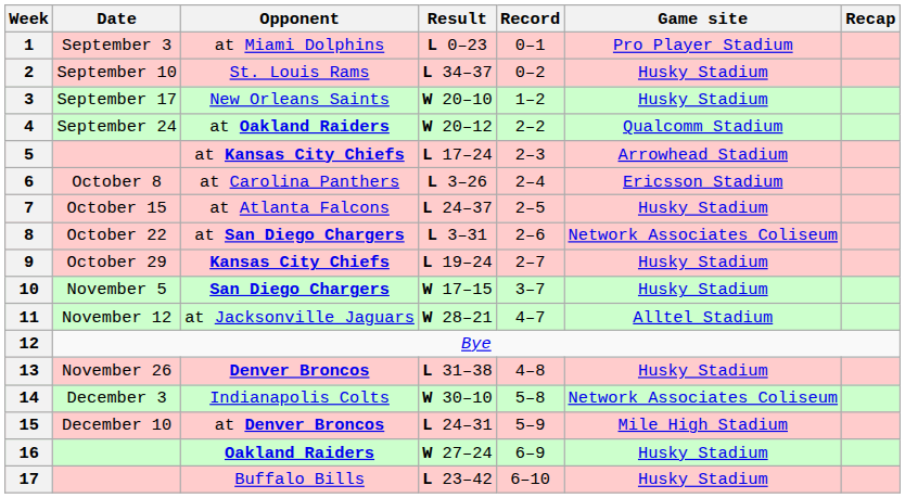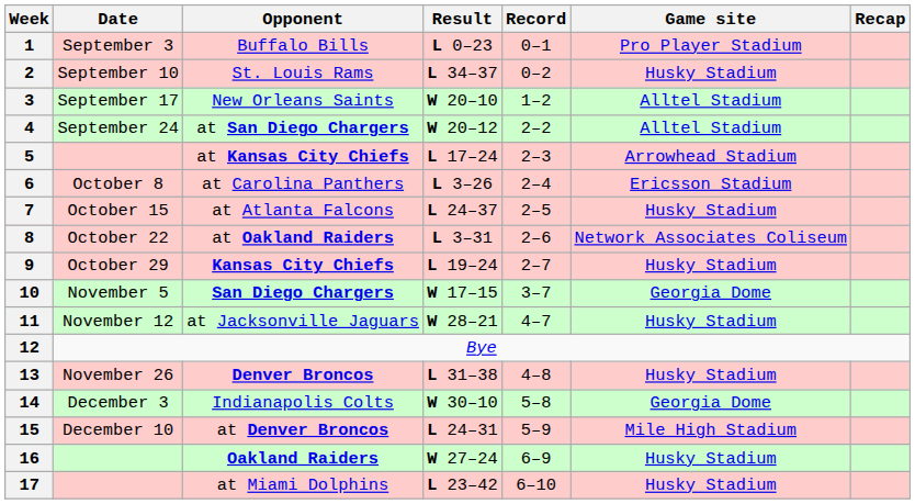 <table class="wikitable" style="text-align:center">
 <tr>
 <th>Week</th>
 <th>Date</th>
 <th>Opponent</th>
 <th>Result</th>
 <th>Record</th>
 <th>Game site</th>
 <th>Recap</th>
 </tr>
 <tr style="background:#fcc">
 <th>1</th>
 <td>September 3</td>
-<td>at <a href='#'>Miami Dolphins</a></td>
+<td><a href='#'>Buffalo Bills</a></td>
 <td><strong>L</strong> 0–23</td>
 <td>0–1</td>
 <td><a href='#'>Pro Player Stadium</a></td>
 <td></td>
 </tr>
 <tr style="background:#fcc">
 <th>2</th>
 <td>September 10</td>
 <td><a href='#'>St. Louis Rams</a></td>
 <td><strong>L</strong> 34–37</td>
 <td>0–2</td>
 <td><a href='#'>Husky Stadium</a></td>
 <td></td>
 </tr>
 <tr style="background:#cfc">
 <th>3</th>
 <td>September 17</td>
 <td><a href='#'>New Orleans Saints</a></td>
 <td><strong>W</strong> 20–10</td>
 <td>1–2</td>
-<td><a href='#'>Husky Stadium</a></td>
+<td><a href='#'>Alltel Stadium</a></td>
 <td></td>
 </tr>
 <tr style="background:#cfc">
 <th>4</th>
 <td>September 24</td>
-<td>at <strong><a href='#'>Oakland Raiders</a></strong></td>
+<td>at <strong><a href='#'>San Diego Chargers</a></strong></td>
 <td><strong>W</strong> 20–12</td>
 <td>2–2</td>
-<td><a href='#'>Qualcomm Stadium</a></td>
+<td><a href='#'>Alltel Stadium</a></td>
 <td></td>
 </tr>
 <tr style="background:#fcc">
 <th>5</th>
 <td></td>
 <td>at <strong><a href='#'>Kansas City Chiefs</a></strong></td>
 <td><strong>L</strong> 17–24</td>
 <td>2–3</td>
 <td><a href='#'>Arrowhead Stadium</a></td>
 <td></td>
 </tr>
 <tr style="background:#fcc">
 <th>6</th>
 <td>October 8</td>
 <td>at <a href='#'>Carolina Panthers</a></td>
 <td><strong>L</strong> 3–26</td>
 <td>2–4</td>
 <td><a href='#'>Ericsson Stadium</a></td>
 <td></td>
 </tr>
 <tr style="background:#fcc">
 <th>7</th>
 <td>October 15</td>
 <td>at <a href='#'>Atlanta Falcons</a></td>
 <td><strong>L</strong> 24–37</td>
 <td>2–5</td>
 <td><a href='#'>Husky Stadium</a></td>
 <td></td>
 </tr>
 <tr style="background:#fcc">
 <th>8</th>
 <td>October 22</td>
-<td>at <strong><a href='#'>San Diego Chargers</a></strong></td>
+<td>at <strong><a href='#'>Oakland Raiders</a></strong></td>
 <td><strong>L</strong> 3–31</td>
 <td>2–6</td>
 <td><a href='#'>Network Associates Coliseum</a></td>
 <td></td>
 </tr>
 <tr style="background:#fcc">
 <th>9</th>
 <td>October 29</td>
 <td><strong><a href='#'>Kansas City Chiefs</a></strong></td>
 <td><strong>L</strong> 19–24</td>
 <td>2–7</td>
 <td><a href='#'>Husky Stadium</a></td>
 <td></td>
 </tr>
 <tr style="background:#cfc">
 <th>10</th>
 <td>November 5</td>
 <td><strong><a href='#'>San Diego Chargers</a></strong></td>
 <td><strong>W</strong> 17–15</td>
 <td>3–7</td>
-<td><a href='#'>Husky Stadium</a></td>
+<td><a href='#'>Georgia Dome</a></td>
 <td></td>
 </tr>
 <tr style="background:#cfc">
 <th>11</th>
 <td>November 12</td>
 <td>at <a href='#'>Jacksonville Jaguars</a></td>
 <td><strong>W</strong> 28–21</td>
 <td>4–7</td>
-<td><a href='#'>Alltel Stadium</a></td>
+<td><a href='#'>Husky Stadium</a></td>
 <td></td>
 </tr>
 <tr>
 <th>12</th>
 <td colspan="6"><em><a href='#'>Bye</a></em></td>
 </tr>
 <tr style="background:#fcc">
 <th>13</th>
 <td>November 26</td>
 <td><strong><a href='#'>Denver Broncos</a></strong></td>
 <td><strong>L</strong> 31–38</td>
 <td>4–8</td>
 <td><a href='#'>Husky Stadium</a></td>
 <td></td>
 </tr>
 <tr style="background:#cfc">
 <th>14</th>
 <td>December 3</td>
 <td><a href='#'>Indianapolis Colts</a></td>
 <td><strong>W</strong> 30–10</td>
 <td>5–8</td>
-<td><a href='#'>Network Associates Coliseum</a></td>
+<td><a href='#'>Georgia Dome</a></td>
 <td></td>
 </tr>
 <tr style="background:#fcc">
 <th>15</th>
 <td>December 10</td>
 <td>at <strong><a href='#'>Denver Broncos</a></strong></td>
 <td><strong>L</strong> 24–31</td>
 <td>5–9</td>
 <td><a href='#'>Mile High Stadium</a></td>
 <td></td>
 </tr>
 <tr style="background:#cfc">
 <th>16</th>
 <td></td>
 <td><strong><a href='#'>Oakland Raiders</a></strong></td>
 <td><strong>W</strong> 27–24</td>
 <td>6–9</td>
 <td><a href='#'>Husky Stadium</a></td>
 <td></td>
 </tr>
 <tr style="background:#fcc">
 <th>17</th>
 <td></td>
-<td><a href='#'>Buffalo Bills</a></td>
+<td>at <a href='#'>Miami Dolphins</a></td>
 <td><strong>L</strong> 23–42</td>
 <td>6–10</td>
 <td><a href='#'>Husky Stadium</a></td>
 <td></td>
 </tr>
 </table>
